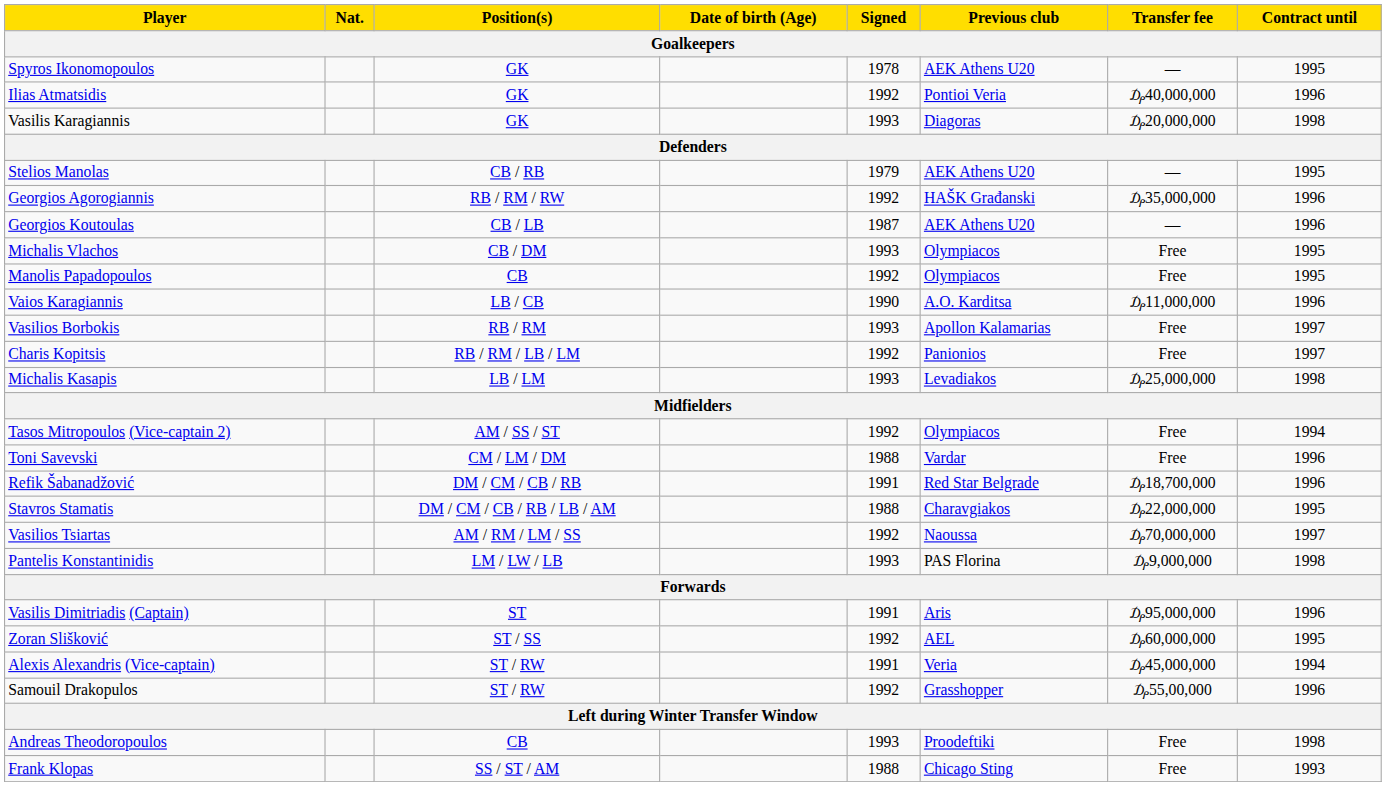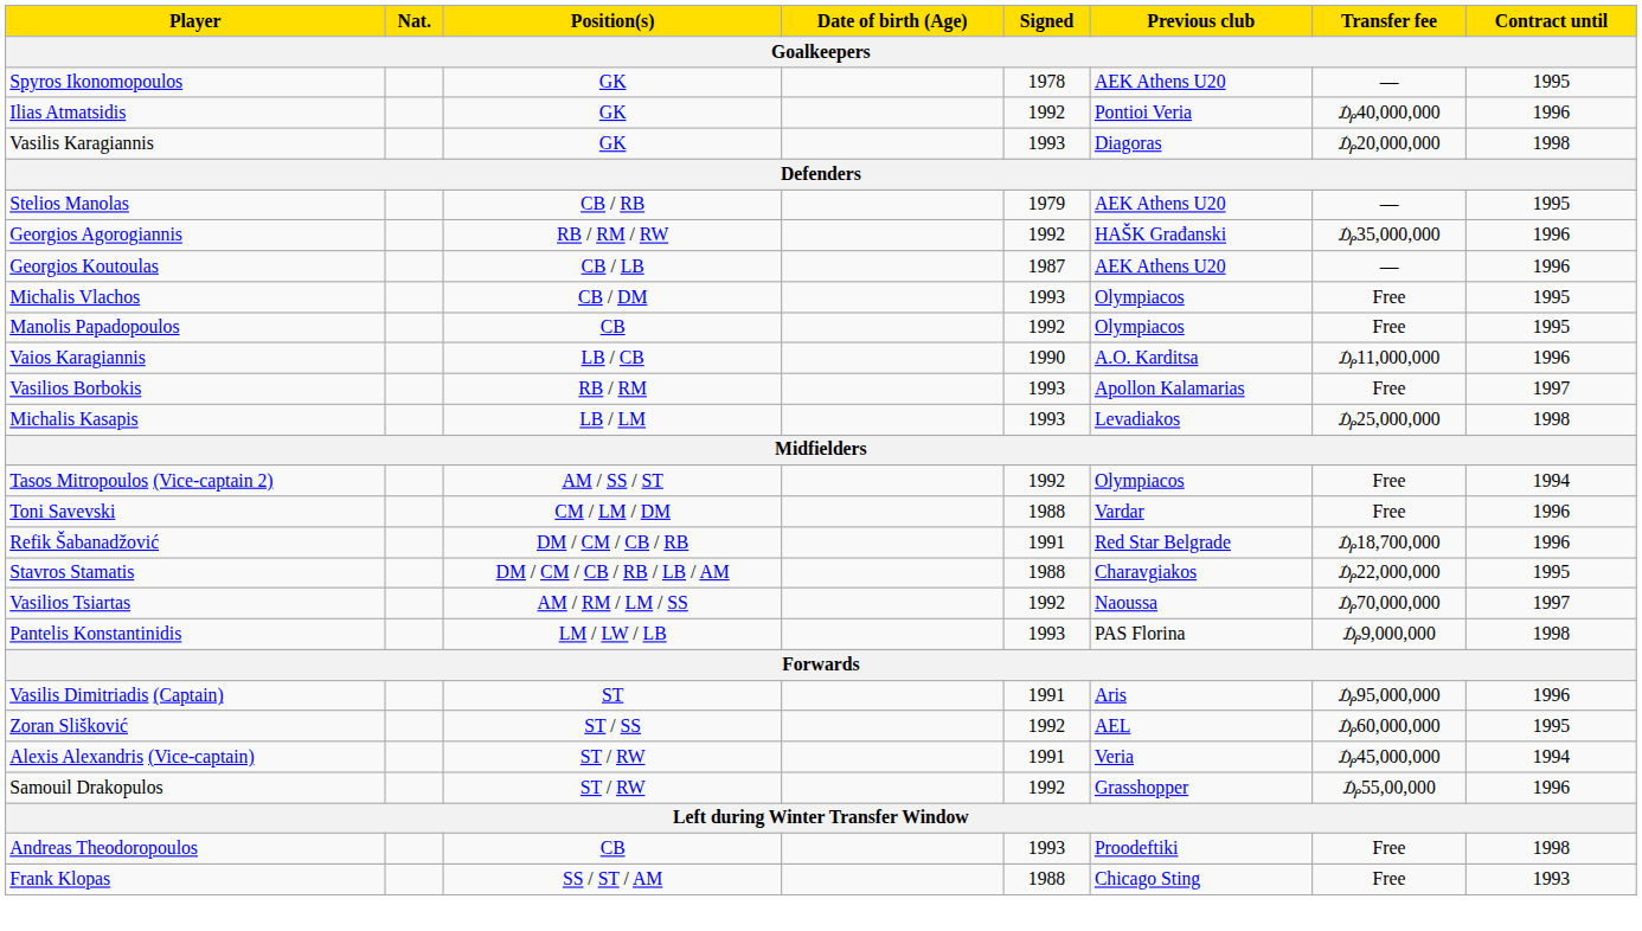 <table class="wikitable" style="text-align:center; font-size:90%;width:100%;">
 <tr>
 <th style="background:#FFDE00">Player</th>
 <th style="background:#FFDE00">Nat.</th>
 <th style="background:#FFDE00">Position(s)</th>
 <th style="background:#FFDE00">Date of birth (Age)</th>
 <th style="background:#FFDE00">Signed</th>
 <th style="background:#FFDE00">Previous club</th>
 <th style="background:#FFDE00">Transfer fee</th>
 <th style="background:#FFDE00">Contract until</th>
 </tr>
 <tr>
 <th colspan="8">Goalkeepers</th>
 </tr>
 <tr>
 <td align=left><a href='#'>Spyros Ikonomopoulos</a></td>
 <td></td>
 <td><a href='#'>GK</a></td>
 <td></td>
 <td>1978</td>
 <td align=left> <a href='#'>AEK Athens U20</a></td>
 <td>—</td>
 <td>1995</td>
 </tr>
 <tr>
 <td align=left><a href='#'>Ilias Atmatsidis</a></td>
 <td></td>
 <td><a href='#'>GK</a></td>
 <td></td>
 <td>1992</td>
 <td align=left> <a href='#'>Pontioi Veria</a></td>
 <td>₯40,000,000</td>
 <td>1996</td>
 </tr>
 <tr>
 <td align=left>Vasilis Karagiannis</td>
 <td></td>
 <td><a href='#'>GK</a></td>
 <td></td>
 <td>1993</td>
 <td align=left> <a href='#'>Diagoras</a></td>
 <td>₯20,000,000</td>
 <td>1998</td>
 </tr>
 <tr>
 <th colspan="8">Defenders</th>
 </tr>
 <tr>
 <td align=left><a href='#'>Stelios Manolas</a></td>
 <td></td>
 <td><a href='#'>CB</a> / <a href='#'>RB</a></td>
 <td></td>
 <td>1979</td>
 <td align=left> <a href='#'>AEK Athens U20</a></td>
 <td>—</td>
 <td>1995</td>
 </tr>
 <tr>
 <td align=left><a href='#'>Georgios Agorogiannis</a></td>
 <td></td>
 <td><a href='#'>RB</a> / <a href='#'>RM</a> / <a href='#'>RW</a></td>
 <td></td>
 <td>1992</td>
 <td align=left> <a href='#'>HAŠK Građanski</a></td>
 <td>₯35,000,000</td>
 <td>1996</td>
 </tr>
 <tr>
 <td align=left><a href='#'>Georgios Koutoulas</a></td>
 <td></td>
 <td><a href='#'>CB</a> / <a href='#'>LB</a></td>
 <td></td>
 <td>1987</td>
 <td align=left> <a href='#'>AEK Athens U20</a></td>
 <td>—</td>
 <td>1996</td>
 </tr>
 <tr>
 <td align=left><a href='#'>Michalis Vlachos</a></td>
 <td></td>
 <td><a href='#'>CB</a> / <a href='#'>DM</a></td>
 <td></td>
 <td>1993</td>
 <td align=left> <a href='#'>Olympiacos</a></td>
 <td>Free</td>
 <td>1995</td>
 </tr>
 <tr>
 <td align=left><a href='#'>Manolis Papadopoulos</a></td>
 <td></td>
 <td><a href='#'>CB</a></td>
 <td></td>
 <td>1992</td>
 <td align=left> <a href='#'>Olympiacos</a></td>
 <td>Free</td>
 <td>1995</td>
 </tr>
 <tr>
 <td align=left><a href='#'>Vaios Karagiannis</a></td>
 <td></td>
 <td><a href='#'>LB</a> / <a href='#'>CB</a></td>
 <td></td>
 <td>1990</td>
 <td align=left> <a href='#'>A.O. Karditsa</a></td>
 <td>₯11,000,000</td>
 <td>1996</td>
 </tr>
 <tr>
 <td align=left><a href='#'>Vasilios Borbokis</a></td>
 <td></td>
 <td><a href='#'>RB</a> / <a href='#'>RM</a></td>
 <td></td>
 <td>1993</td>
 <td align=left> <a href='#'>Apollon Kalamarias</a></td>
-<td>Free</td>
-<td>1997</td>
-</tr>
-<tr>
-<td align=left><a href='#'>Charis Kopitsis</a></td>
-<td></td>
-<td><a href='#'>RB</a> / <a href='#'>RM</a> / <a href='#'>LB</a> / <a href='#'>LM</a></td>
-<td></td>
-<td>1992</td>
-<td align=left> <a href='#'>Panionios</a></td>
 <td>Free</td>
 <td>1997</td>
 </tr>
 <tr>
 <td align=left><a href='#'>Michalis Kasapis</a></td>
 <td></td>
 <td><a href='#'>LB</a> / <a href='#'>LM</a></td>
 <td></td>
 <td>1993</td>
 <td align=left> <a href='#'>Levadiakos</a></td>
 <td>₯25,000,000</td>
 <td>1998</td>
 </tr>
 <tr>
 <th colspan="8">Midfielders</th>
 </tr>
 <tr>
 <td align=left><a href='#'>Tasos Mitropoulos</a> <a href='#'>(Vice-captain 2)</a></td>
 <td></td>
 <td><a href='#'>AM</a> / <a href='#'>SS</a> / <a href='#'>ST</a></td>
 <td></td>
 <td>1992</td>
 <td align=left> <a href='#'>Olympiacos</a></td>
 <td>Free</td>
 <td>1994</td>
 </tr>
 <tr>
 <td align=left><a href='#'>Toni Savevski</a></td>
 <td></td>
 <td><a href='#'>CM</a> / <a href='#'>LM</a> / <a href='#'>DM</a></td>
 <td></td>
 <td>1988</td>
 <td align=left> <a href='#'>Vardar</a></td>
 <td>Free</td>
 <td>1996</td>
 </tr>
 <tr>
 <td align=left><a href='#'>Refik Šabanadžović</a></td>
 <td></td>
 <td><a href='#'>DM</a> / <a href='#'>CM</a> / <a href='#'>CB</a> / <a href='#'>RB</a></td>
 <td></td>
 <td>1991</td>
 <td align=left> <a href='#'>Red Star Belgrade</a></td>
 <td>₯18,700,000</td>
 <td>1996</td>
 </tr>
 <tr>
 <td align=left><a href='#'>Stavros Stamatis</a></td>
 <td></td>
 <td><a href='#'>DM</a> / <a href='#'>CM</a> / <a href='#'>CB</a> / <a href='#'>RB</a> / <a href='#'>LB</a> /  <a href='#'>AM</a></td>
 <td></td>
 <td>1988</td>
 <td align=left> <a href='#'>Charavgiakos</a></td>
 <td>₯22,000,000</td>
 <td>1995</td>
 </tr>
 <tr>
 <td align=left><a href='#'>Vasilios Tsiartas</a></td>
 <td></td>
 <td><a href='#'>AM</a> / <a href='#'>RM</a> / <a href='#'>LM</a> / <a href='#'>SS</a></td>
 <td></td>
 <td>1992</td>
 <td align=left> <a href='#'>Naoussa</a></td>
 <td>₯70,000,000</td>
 <td>1997</td>
 </tr>
 <tr>
 <td align=left><a href='#'>Pantelis Konstantinidis</a></td>
 <td></td>
 <td><a href='#'>LM</a> / <a href='#'>LW</a> / <a href='#'>LB</a></td>
 <td></td>
 <td>1993</td>
 <td align=left> PAS Florina</td>
 <td>₯9,000,000</td>
 <td>1998</td>
 </tr>
 <tr>
 <th colspan="8">Forwards</th>
 </tr>
 <tr>
 <td align=left><a href='#'>Vasilis Dimitriadis</a> <a href='#'>(Captain)</a></td>
 <td></td>
 <td><a href='#'>ST</a></td>
 <td></td>
 <td>1991</td>
 <td align=left> <a href='#'>Aris</a></td>
 <td>₯95,000,000</td>
 <td>1996</td>
 </tr>
 <tr>
 <td align=left><a href='#'>Zoran Slišković</a></td>
 <td></td>
 <td><a href='#'>ST</a> / <a href='#'>SS</a></td>
 <td></td>
 <td>1992</td>
 <td align=left> <a href='#'>AEL</a></td>
 <td>₯60,000,000</td>
 <td>1995</td>
 </tr>
 <tr>
 <td align=left><a href='#'>Alexis Alexandris</a> <a href='#'>(Vice-captain)</a></td>
 <td></td>
 <td><a href='#'>ST</a> / <a href='#'>RW</a></td>
 <td></td>
 <td>1991</td>
 <td align=left> <a href='#'>Veria</a></td>
 <td>₯45,000,000</td>
 <td>1994</td>
 </tr>
 <tr>
 <td align=left>Samouil Drakopulos</td>
 <td></td>
 <td><a href='#'>ST</a> / <a href='#'>RW</a></td>
 <td></td>
 <td>1992</td>
 <td align=left> <a href='#'>Grasshopper</a></td>
 <td>₯55,00,000</td>
 <td>1996</td>
 </tr>
 <tr>
 <th colspan="8">Left during Winter Transfer Window</th>
 </tr>
 <tr>
 <td align=left><a href='#'>Andreas Theodoropoulos</a></td>
 <td></td>
 <td><a href='#'>CB</a></td>
 <td></td>
 <td>1993</td>
 <td align=left> <a href='#'>Proodeftiki</a></td>
 <td>Free</td>
 <td>1998</td>
 </tr>
 <tr>
 <td align=left><a href='#'>Frank Klopas</a></td>
 <td></td>
 <td><a href='#'>SS</a> / <a href='#'>ST</a> / <a href='#'>AM</a></td>
 <td></td>
 <td>1988</td>
 <td align=left> <a href='#'>Chicago Sting</a></td>
 <td>Free</td>
 <td>1993</td>
 </tr>
 </table>
